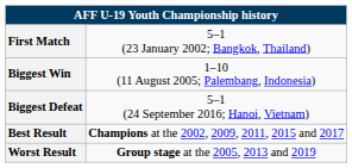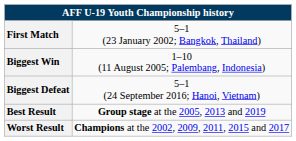 <table class="wikitable" style="text-align: center; font-size:100%">
 <tr>
 <th colspan=6 style="background: #013A5E; color: #FFFFFF;">AFF U-19 Youth Championship history</th>
 </tr>
 <tr>
 <th style="text-align: left;">First Match</th>
 <td style="text-align:center;"> 5–1 <br> (23 January 2002; <a href='#'>Bangkok</a>, <a href='#'>Thailand</a>)</td>
 </tr>
 <tr>
 <th style="text-align: left;">Biggest Win</th>
 <td style="text-align:center;"> 1–10 <br> (11 August 2005; <a href='#'>Palembang</a>, <a href='#'>Indonesia</a>)</td>
 </tr>
 <tr>
 <th style="text-align: left;">Biggest Defeat</th>
 <td style="text-align:center;"> 5–1 <br> (24 September 2016; <a href='#'>Hanoi</a>, <a href='#'>Vietnam</a>)</td>
 </tr>
 <tr>
 <th style="text-align: left;">Best Result</th>
-<td><strong>Champions</strong> at the <a href='#'>2002</a>, <a href='#'>2009</a>, <a href='#'>2011</a>, <a href='#'>2015</a> and <a href='#'>2017</a></td>
+<td><strong>Group stage</strong> at the <a href='#'>2005</a>, <a href='#'>2013</a> and <a href='#'>2019</a></td>
 </tr>
 <tr>
 <th style="text-align: left;">Worst Result</th>
-<td><strong>Group stage</strong> at the <a href='#'>2005</a>, <a href='#'>2013</a> and <a href='#'>2019</a></td>
+<td><strong>Champions</strong> at the <a href='#'>2002</a>, <a href='#'>2009</a>, <a href='#'>2011</a>, <a href='#'>2015</a> and <a href='#'>2017</a></td>
 </tr>
 </table>
